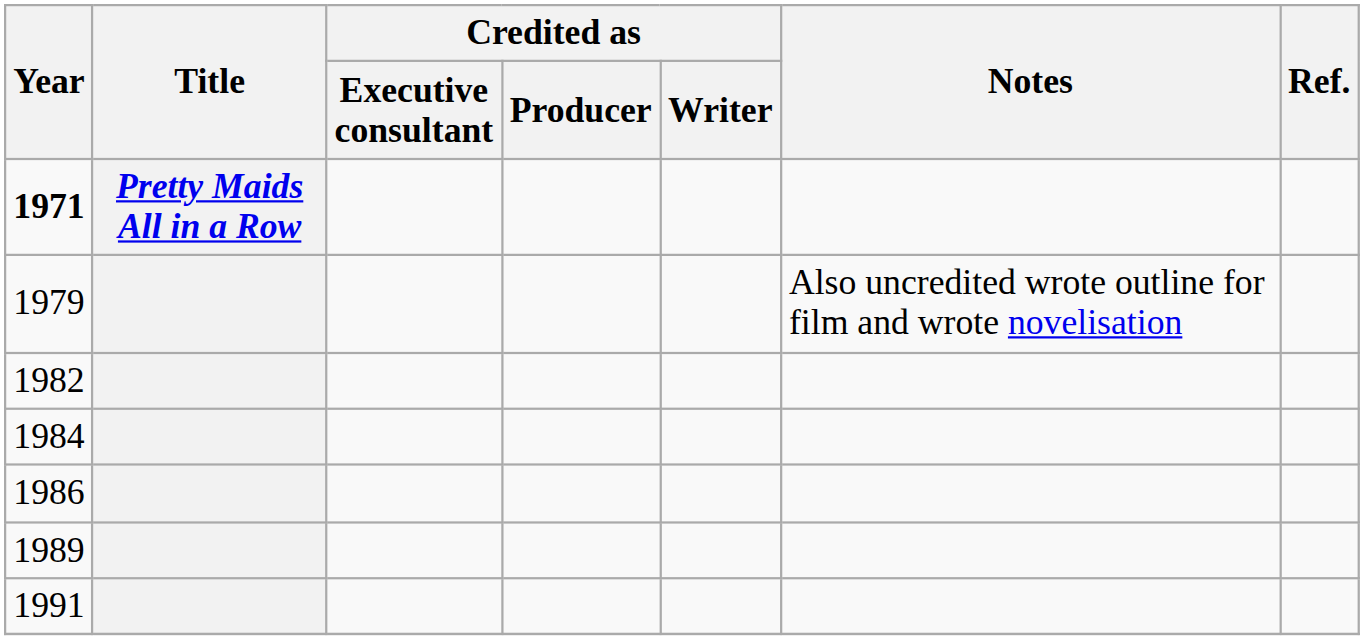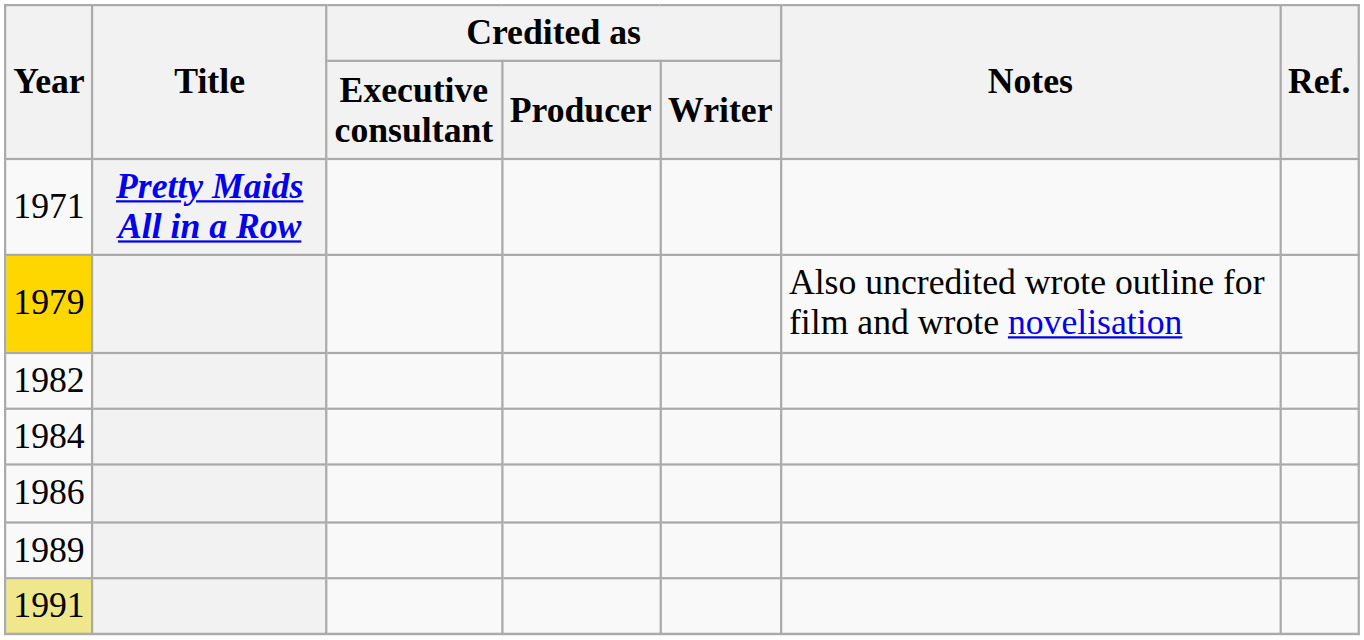 <table class="wikitable plainrowheaders  sortable">
 <tr>
 <th scope="col" rowspan="2">Year</th>
 <th rowspan="2" scope="col">Title</th>
 <th colspan="3">Credited as</th>
 <th rowspan="2">Notes</th>
 <th scope="col" class="unsortable" rowspan="2">Ref.</th>
 </tr>
 <tr>
 <th scope="col" width="4">Executive consultant</th>
 <th scope="col" width=4>Producer</th>
 <th scope="col" width=4>Writer</th>
 </tr>
 <tr>
-<td><strong>1971</strong></td>
+<td>1971</td>
 <th scope="row"><em><a href='#'>Pretty Maids All in a Row</a></em></th>
 <td></td>
 <td></td>
 <td></td>
 <td></td>
 <td></td>
 </tr>
 <tr>
-<td>1979</td>
+<td style="background: gold;">1979</td>
 <th scope="row"></th>
 <td></td>
 <td></td>
 <td></td>
 <td>Also uncredited wrote outline for film and wrote <a href='#'>novelisation</a></td>
 <td></td>
 </tr>
 <tr>
 <td>1982</td>
 <th scope="row"></th>
 <td></td>
 <td></td>
 <td></td>
 <td></td>
 <td></td>
 </tr>
 <tr>
 <td>1984</td>
 <th scope="row"></th>
 <td></td>
 <td></td>
 <td></td>
 <td></td>
 <td></td>
 </tr>
 <tr>
 <td>1986</td>
 <th scope="row"></th>
 <td></td>
 <td></td>
 <td></td>
 <td></td>
 <td></td>
 </tr>
 <tr>
 <td>1989</td>
 <th scope="row"></th>
 <td></td>
 <td></td>
 <td></td>
 <td></td>
 <td></td>
 </tr>
 <tr>
-<td>1991</td>
+<td style="background: khaki;">1991</td>
 <th scope="row"></th>
 <td></td>
 <td></td>
 <td></td>
 <td></td>
 <td></td>
 </tr>
 <tr>
 </tr>
 </table>
